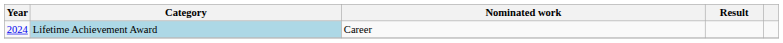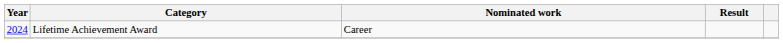 <table class=wikitable>
 <tr>
 <th scope="col" style="width:1em;">Year</th>
 <th scope="col" style="width:29em;">Category</th>
 <th scope="col" style="width:34em;">Nominated work</th>
 <th scope="col" style="width:5em;">Result</th>
 <th scope="col" style="width:1em;"></th>
 </tr>
 <tr>
 <td><a href='#'>2024</a></td>
-<td style="background: lightblue;">Lifetime Achievement Award</td>
+<td>Lifetime Achievement Award</td>
 <td>Career</td>
 <td></td>
 <td></td>
 </tr>
 <tr>
 </tr>
 </table>
